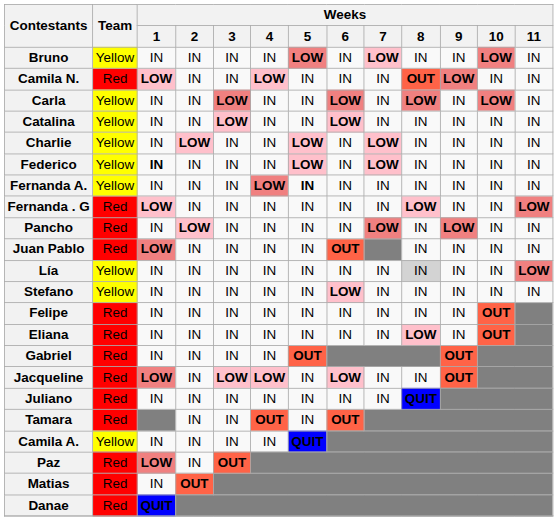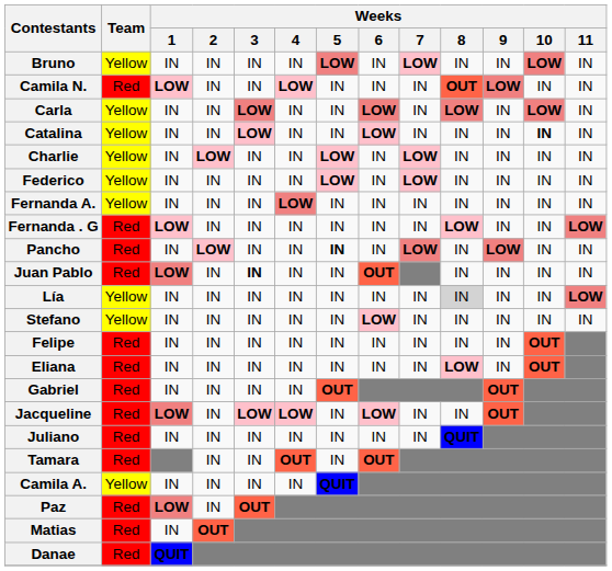 <table class="wikitable" style="text-align:center">
 <tr>
 <th rowspan=2>Contestants</th>
 <th rowspan=2>Team</th>
 <th colspan="11">Weeks</th>
 </tr>
 <tr>
 <th width="10px">1</th>
 <th width="20px">2</th>
 <th width="20px">3</th>
 <th width="20px">4</th>
 <th width="20px">5</th>
 <th width="20px">6</th>
 <th width="20px">7</th>
 <th width="20px">8</th>
 <th width="20px">9</th>
 <th width="20px">10</th>
 <th width="20px">11</th>
 </tr>
 <tr>
 <th>Bruno</th>
 <td bgcolor="yellow">Yellow</td>
 <td>IN</td>
 <td>IN</td>
 <td>IN</td>
 <td>IN</td>
 <td bgcolor="LightCoral"><strong>LOW</strong></td>
 <td>IN</td>
 <td bgcolor="pink"><strong>LOW</strong></td>
 <td>IN</td>
 <td>IN</td>
 <td bgcolor="LightCoral"><strong>LOW</strong></td>
 <td>IN</td>
 </tr>
 <tr>
 <th>Camila N.</th>
 <td bgcolor="red">Red</td>
 <td bgcolor="pink"><strong>LOW</strong></td>
 <td>IN</td>
 <td>IN</td>
 <td bgcolor="pink"><strong>LOW</strong></td>
 <td>IN</td>
 <td>IN</td>
 <td>IN</td>
 <td bgcolor="tomato"><strong>OUT</strong></td>
 <td bgcolor="LightCoral"><strong>LOW</strong></td>
 <td>IN</td>
 <td>IN</td>
 </tr>
 <tr>
 <th>Carla</th>
 <td bgcolor="yellow">Yellow</td>
 <td>IN</td>
 <td>IN</td>
 <td bgcolor="LightCoral"><strong>LOW</strong></td>
 <td>IN</td>
 <td>IN</td>
 <td bgcolor="LightCoral"><strong>LOW</strong></td>
 <td>IN</td>
 <td bgcolor="LightCoral"><strong>LOW</strong></td>
 <td>IN</td>
 <td bgcolor="LightCoral"><strong>LOW</strong></td>
 <td>IN</td>
 </tr>
 <tr>
 <th>Catalina</th>
 <td bgcolor="yellow">Yellow</td>
 <td>IN</td>
 <td>IN</td>
 <td bgcolor="pink"><strong>LOW</strong></td>
 <td>IN</td>
 <td>IN</td>
 <td bgcolor="pink"><strong>LOW</strong></td>
 <td>IN</td>
 <td>IN</td>
 <td>IN</td>
-<td>IN</td>
+<td><strong>IN</strong></td>
 <td>IN</td>
 </tr>
 <tr>
 <th>Charlie</th>
 <td bgcolor="yellow">Yellow</td>
 <td>IN</td>
 <td bgcolor="pink"><strong>LOW</strong></td>
 <td>IN</td>
 <td>IN</td>
 <td bgcolor="pink"><strong>LOW</strong></td>
 <td>IN</td>
 <td bgcolor="pink"><strong>LOW</strong></td>
 <td>IN</td>
 <td>IN</td>
 <td>IN</td>
 <td>IN</td>
 </tr>
 <tr>
 <th>Federico</th>
 <td bgcolor="yellow">Yellow</td>
-<td><strong>IN</strong></td>
+<td>IN</td>
 <td>IN</td>
 <td>IN</td>
 <td>IN</td>
 <td bgcolor="pink"><strong>LOW</strong></td>
 <td>IN</td>
 <td bgcolor="pink"><strong>LOW</strong></td>
 <td>IN</td>
 <td>IN</td>
 <td>IN</td>
 <td>IN</td>
 </tr>
 <tr>
 <th>Fernanda A.</th>
 <td bgcolor="yellow">Yellow</td>
 <td>IN</td>
 <td>IN</td>
 <td>IN</td>
 <td bgcolor="LightCoral"><strong>LOW</strong></td>
-<td><strong>IN</strong></td>
+<td>IN</td>
 <td>IN</td>
 <td>IN</td>
 <td>IN</td>
 <td>IN</td>
 <td>IN</td>
 <td>IN</td>
 </tr>
 <tr>
 <th>Fernanda . G</th>
 <td bgcolor="red">Red</td>
 <td bgcolor="pink"><strong>LOW</strong></td>
 <td>IN</td>
 <td>IN</td>
 <td>IN</td>
 <td>IN</td>
 <td>IN</td>
 <td>IN</td>
 <td bgcolor="pink"><strong>LOW</strong></td>
 <td>IN</td>
 <td>IN</td>
 <td bgcolor="LightCoral"><strong>LOW</strong></td>
 </tr>
 <tr>
 <th>Pancho</th>
 <td bgcolor="red">Red</td>
 <td>IN</td>
 <td bgcolor="Pink"><strong>LOW</strong></td>
 <td>IN</td>
 <td>IN</td>
-<td>IN</td>
+<td><strong>IN</strong></td>
 <td>IN</td>
 <td bgcolor="LightCoral"><strong>LOW</strong></td>
 <td>IN</td>
 <td bgcolor="LightCoral"><strong>LOW</strong></td>
 <td>IN</td>
 <td>IN</td>
 </tr>
 <tr>
 <th>Juan Pablo</th>
 <td bgcolor="red">Red</td>
 <td bgcolor="LightCoral"><strong>LOW</strong></td>
 <td>IN</td>
-<td>IN</td>
+<td><strong>IN</strong></td>
 <td>IN</td>
 <td>IN</td>
 <td bgcolor="tomato"><strong>OUT</strong></td>
 <td colspan="1" bgcolor=gray></td>
 <td>IN</td>
 <td>IN</td>
 <td>IN</td>
 <td>IN</td>
 </tr>
 <tr>
 <th>Lía</th>
 <td bgcolor="yellow">Yellow</td>
 <td>IN</td>
 <td>IN</td>
 <td>IN</td>
 <td>IN</td>
 <td>IN</td>
 <td>IN</td>
 <td>IN</td>
 <td style="background: lightgrey;">IN</td>
 <td>IN</td>
 <td>IN</td>
 <td bgcolor="LightCoral"><strong>LOW</strong></td>
 </tr>
 <tr>
 <th>Stefano</th>
 <td bgcolor="yellow">Yellow</td>
 <td>IN</td>
 <td>IN</td>
 <td>IN</td>
 <td>IN</td>
 <td>IN</td>
 <td bgcolor="pink"><strong>LOW</strong></td>
 <td>IN</td>
 <td>IN</td>
 <td>IN</td>
 <td>IN</td>
 <td>IN</td>
 </tr>
 <tr>
 <th>Felipe</th>
 <td bgcolor="red">Red</td>
 <td>IN</td>
 <td>IN</td>
 <td>IN</td>
 <td>IN</td>
 <td>IN</td>
 <td>IN</td>
 <td>IN</td>
 <td>IN</td>
 <td>IN</td>
 <td bgcolor="tomato"><strong>OUT</strong></td>
 <td colspan="1" bgcolor=gray></td>
 </tr>
 <tr>
 <th>Eliana</th>
 <td bgcolor="red">Red</td>
 <td>IN</td>
 <td>IN</td>
 <td>IN</td>
 <td>IN</td>
 <td>IN</td>
 <td>IN</td>
 <td>IN</td>
 <td bgcolor="pink"><strong>LOW</strong></td>
 <td>IN</td>
 <td bgcolor="tomato"><strong>OUT</strong></td>
 <td colspan="1" bgcolor=gray></td>
 </tr>
 <tr>
 <th>Gabriel</th>
 <td bgcolor="red">Red</td>
 <td>IN</td>
 <td>IN</td>
 <td>IN</td>
 <td>IN</td>
 <td bgcolor="tomato"><strong>OUT</strong></td>
 <td colspan="3" bgcolor=gray></td>
 <td bgcolor="tomato"><strong>OUT</strong></td>
 <td colspan="2" bgcolor=gray></td>
 </tr>
 <tr>
 <th>Jacqueline</th>
 <td bgcolor="red">Red</td>
 <td bgcolor="LightCoral"><strong>LOW</strong></td>
 <td>IN</td>
 <td bgcolor="pink"><strong>LOW</strong></td>
 <td bgcolor="pink"><strong>LOW</strong></td>
 <td>IN</td>
 <td bgcolor="pink"><strong>LOW</strong></td>
 <td>IN</td>
 <td>IN</td>
 <td bgcolor="tomato"><strong>OUT</strong></td>
 <td colspan="2" bgcolor=gray></td>
 </tr>
 <tr>
 <th>Juliano</th>
 <td bgcolor="red">Red</td>
 <td>IN</td>
 <td>IN</td>
 <td>IN</td>
 <td>IN</td>
 <td>IN</td>
 <td>IN</td>
 <td>IN</td>
 <td bgcolor="BLUE"><span> <strong>QUIT</strong></span></td>
 <td colspan="5" bgcolor=gray></td>
 </tr>
 <tr>
 <th>Tamara</th>
 <td bgcolor="red">Red</td>
 <td colspan="1" bgcolor=gray></td>
 <td>IN</td>
 <td>IN</td>
 <td bgcolor="tomato"><strong>OUT</strong></td>
 <td>IN</td>
 <td bgcolor="tomato"><strong>OUT</strong></td>
 <td colspan="5" bgcolor=gray></td>
 </tr>
 <tr>
 <th>Camila A.</th>
 <td bgcolor="yellow">Yellow</td>
 <td>IN</td>
 <td>IN</td>
 <td>IN</td>
 <td>IN</td>
 <td bgcolor="BLUE"><span> <strong>QUIT</strong></span></td>
 <td colspan="7" bgcolor=gray></td>
 </tr>
 <tr>
 <th>Paz</th>
 <td bgcolor="red">Red</td>
 <td bgcolor="LightCoral"><strong>LOW</strong></td>
 <td>IN</td>
 <td bgcolor="tomato"><strong>OUT</strong></td>
 <td colspan="8" bgcolor=gray></td>
 </tr>
 <tr>
 <th>Matias</th>
 <td bgcolor="red">Red</td>
 <td>IN</td>
 <td bgcolor="tomato"><strong>OUT</strong></td>
 <td colspan="9" bgcolor=gray></td>
 </tr>
 <tr>
 <th>Danae</th>
 <td bgcolor="red">Red</td>
 <td bgcolor="BLUE"><span> <strong>QUIT</strong></span></td>
 <td colspan="10" bgcolor=gray></td>
 </tr>
 <tr>
 </tr>
 </table>
